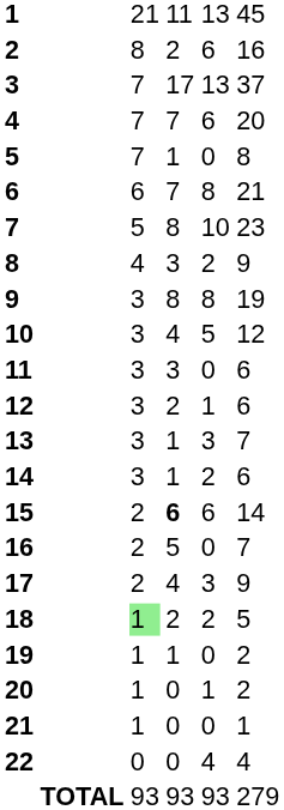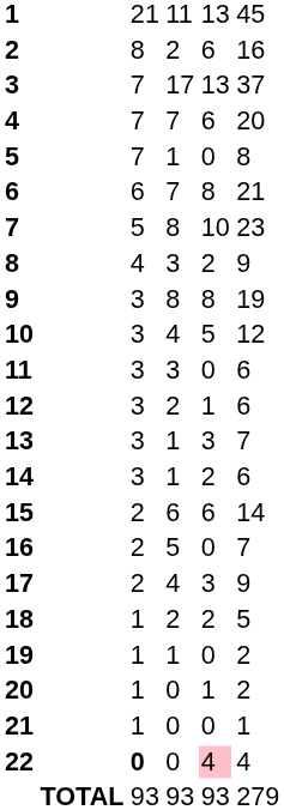 <table>
 <tr>
 <td><strong>1</strong></td>
 <td></td>
 <td>21</td>
 <td>11</td>
 <td>13</td>
 <td>45</td>
 </tr>
 <tr>
 <td><strong>2</strong></td>
 <td></td>
 <td>8</td>
 <td>2</td>
 <td>6</td>
 <td>16</td>
 </tr>
 <tr>
 <td><strong>3</strong></td>
 <td></td>
 <td>7</td>
 <td>17</td>
 <td>13</td>
 <td>37</td>
 </tr>
 <tr>
 <td><strong>4</strong></td>
 <td></td>
 <td>7</td>
 <td>7</td>
 <td>6</td>
 <td>20</td>
 </tr>
 <tr>
 <td><strong>5</strong></td>
 <td></td>
 <td>7</td>
 <td>1</td>
 <td>0</td>
 <td>8</td>
 </tr>
 <tr>
 <td><strong>6</strong></td>
 <td></td>
 <td>6</td>
 <td>7</td>
 <td>8</td>
 <td>21</td>
 </tr>
 <tr>
 <td><strong>7</strong></td>
 <td></td>
 <td>5</td>
 <td>8</td>
 <td>10</td>
 <td>23</td>
 </tr>
 <tr>
 <td><strong>8</strong></td>
 <td></td>
 <td>4</td>
 <td>3</td>
 <td>2</td>
 <td>9</td>
 </tr>
 <tr>
 <td><strong>9</strong></td>
 <td></td>
 <td>3</td>
 <td>8</td>
 <td>8</td>
 <td>19</td>
 </tr>
 <tr>
 <td><strong>10</strong></td>
 <td></td>
 <td>3</td>
 <td>4</td>
 <td>5</td>
 <td>12</td>
 </tr>
 <tr>
 <td><strong>11</strong></td>
 <td></td>
 <td>3</td>
 <td>3</td>
 <td>0</td>
 <td>6</td>
 </tr>
 <tr>
 <td><strong>12</strong></td>
 <td></td>
 <td>3</td>
 <td>2</td>
 <td>1</td>
 <td>6</td>
 </tr>
 <tr>
 <td><strong>13</strong></td>
 <td></td>
 <td>3</td>
 <td>1</td>
 <td>3</td>
 <td>7</td>
 </tr>
 <tr>
 <td><strong>14</strong></td>
 <td></td>
 <td>3</td>
 <td>1</td>
 <td>2</td>
 <td>6</td>
 </tr>
 <tr>
 <td><strong>15</strong></td>
 <td></td>
 <td>2</td>
-<td><strong>6</strong></td>
+<td>6</td>
 <td>6</td>
 <td>14</td>
 </tr>
 <tr>
 <td><strong>16</strong></td>
 <td></td>
 <td>2</td>
 <td>5</td>
 <td>0</td>
 <td>7</td>
 </tr>
 <tr>
 <td><strong>17</strong></td>
 <td></td>
 <td>2</td>
 <td>4</td>
 <td>3</td>
 <td>9</td>
 </tr>
 <tr>
 <td><strong>18</strong></td>
 <td></td>
-<td style="background: lightgreen;">1</td>
+<td>1</td>
 <td>2</td>
 <td>2</td>
 <td>5</td>
 </tr>
 <tr>
 <td><strong>19</strong></td>
 <td></td>
 <td>1</td>
 <td>1</td>
 <td>0</td>
 <td>2</td>
 </tr>
 <tr>
 <td><strong>20</strong></td>
 <td></td>
 <td>1</td>
 <td>0</td>
 <td>1</td>
 <td>2</td>
 </tr>
 <tr>
 <td><strong>21</strong></td>
 <td></td>
 <td>1</td>
 <td>0</td>
 <td>0</td>
 <td>1</td>
 </tr>
 <tr>
 <td><strong>22</strong></td>
 <td></td>
+<td><strong>0</strong></td>
 <td>0</td>
-<td>0</td>
-<td>4</td>
+<td style="background: pink;">4</td>
 <td>4</td>
 </tr>
 <tr>
 <td></td>
 <td><strong>TOTAL</strong></td>
 <td>93</td>
 <td>93</td>
 <td>93</td>
 <td>279</td>
 </tr>
 </table>
